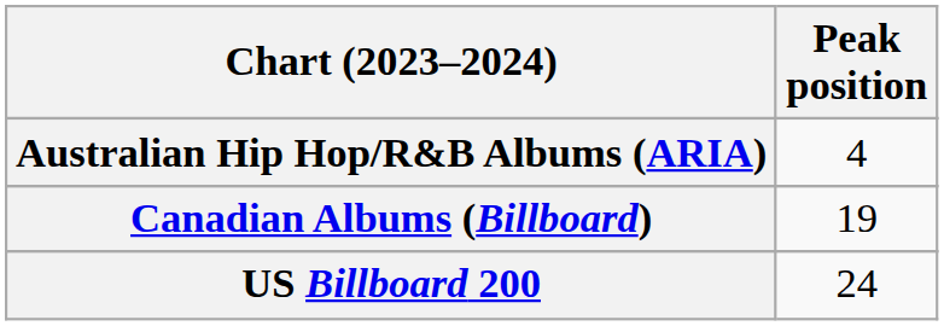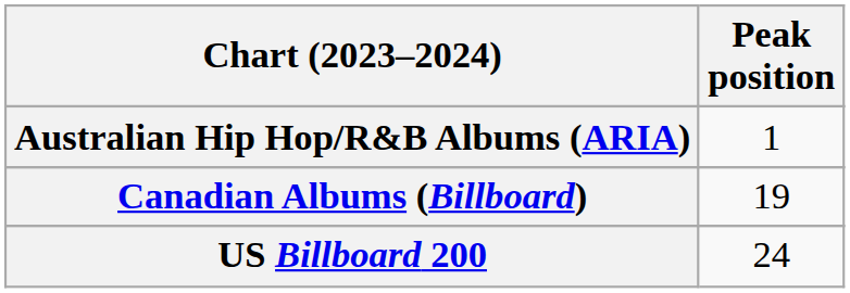 <table class="wikitable sortable plainrowheaders" style="text-align:center">
 <tr>
 <th scope="col">Chart (2023–2024)</th>
 <th scope="col">Peak<br>position</th>
 </tr>
 <tr>
 </tr>
 <tr>
 <th scope="row">Australian Hip Hop/R&B Albums (<a href='#'>ARIA</a>)</th>
-<td>4</td>
+<td>1</td>
 </tr>
 <tr>
 </tr>
 <tr>
 <th scope="row"><a href='#'>Canadian Albums</a> (<em><a href='#'>Billboard</a></em>)</th>
 <td>19</td>
 </tr>
 <tr>
 </tr>
 <tr>
 </tr>
 <tr>
 </tr>
 <tr>
 </tr>
 <tr>
 </tr>
 <tr>
 </tr>
 <tr>
 </tr>
 <tr>
 </tr>
 <tr>
 </tr>
 <tr>
 </tr>
 <tr>
 <th scope="row">US <a href='#'><em>Billboard</em> 200</a></th>
 <td>24</td>
 </tr>
 </table>
